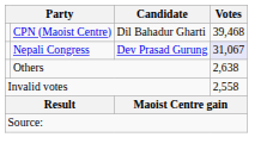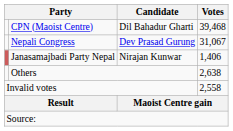 <table class="wikitable">
 <tr>
 <th colspan="2">Party</th>
 <th>Candidate</th>
 <th>Votes</th>
 </tr>
 <tr>
 <td style="background-color:"></td>
 <td><a href='#'>CPN (Maoist Centre)</a></td>
 <td>Dil Bahadur Gharti</td>
 <td>39,468</td>
 </tr>
 <tr>
 <td style="background-color:"></td>
 <td><a href='#'>Nepali Congress</a></td>
 <td><a href='#'>Dev Prasad Gurung</a></td>
-<td style="background: lavender;">31,067</td>
+<td>31,067</td>
+</tr>
+<tr>
+<td style="background-color:indianred"></td>
+<td>Janasamajbadi Party Nepal</td>
+<td>Nirajan Kunwar</td>
+<td>1,406</td>
 </tr>
 <tr>
 <td></td>
 <td colspan="2">Others</td>
 <td>2,638</td>
 </tr>
 <tr>
 <td colspan="3">Invalid votes</td>
 <td>2,558</td>
 </tr>
 <tr>
 <th colspan="2">Result</th>
 <th colspan="2">Maoist Centre gain</th>
 </tr>
 <tr>
 <td colspan="4">Source: </td>
 </tr>
 </table>
